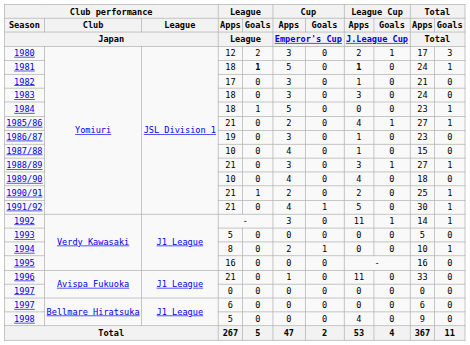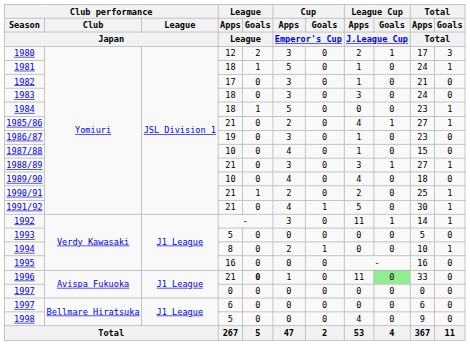 <table class="wikitable" style="text-align:center;">
 <tr>
 <th colspan=3>Club performance</th>
 <th colspan=2>League</th>
 <th colspan=2>Cup</th>
 <th colspan=2>League Cup</th>
 <th colspan=2>Total</th>
 </tr>
 <tr>
 <th>Season</th>
 <th>Club</th>
 <th>League</th>
 <th>Apps</th>
 <th>Goals</th>
 <th>Apps</th>
 <th>Goals</th>
 <th>Apps</th>
 <th>Goals</th>
 <th>Apps</th>
 <th>Goals</th>
 </tr>
 <tr>
 <th colspan=3>Japan</th>
 <th colspan=2>League</th>
 <th colspan=2><a href='#'>Emperor's Cup</a></th>
 <th colspan=2><a href='#'>J.League Cup</a></th>
 <th colspan=2>Total</th>
 </tr>
 <tr>
 <td><a href='#'>1980</a></td>
 <td rowspan="12"><a href='#'>Yomiuri</a></td>
 <td rowspan="12"><a href='#'>JSL Division 1</a></td>
 <td>12</td>
 <td>2</td>
 <td>3</td>
 <td>0</td>
 <td>2</td>
 <td>1</td>
 <td>17</td>
 <td>3</td>
 </tr>
 <tr>
 <td><a href='#'>1981</a></td>
 <td>18</td>
-<td><strong>1</strong></td>
+<td>1</td>
 <td>5</td>
 <td>0</td>
-<td><strong>1</strong></td>
+<td>1</td>
 <td>0</td>
 <td>24</td>
 <td>1</td>
 </tr>
 <tr>
 <td><a href='#'>1982</a></td>
 <td>17</td>
 <td>0</td>
 <td>3</td>
 <td>0</td>
 <td>1</td>
 <td>0</td>
 <td>21</td>
 <td>0</td>
 </tr>
 <tr>
 <td><a href='#'>1983</a></td>
 <td>18</td>
 <td>0</td>
 <td>3</td>
 <td>0</td>
 <td>3</td>
 <td>0</td>
 <td>24</td>
 <td>0</td>
 </tr>
 <tr>
 <td><a href='#'>1984</a></td>
 <td>18</td>
 <td>1</td>
 <td>5</td>
 <td>0</td>
 <td>0</td>
 <td>0</td>
 <td>23</td>
 <td>1</td>
 </tr>
 <tr>
 <td><a href='#'>1985/86</a></td>
 <td>21</td>
 <td>0</td>
 <td>2</td>
 <td>0</td>
 <td>4</td>
 <td>1</td>
 <td>27</td>
 <td>1</td>
 </tr>
 <tr>
 <td><a href='#'>1986/87</a></td>
 <td>19</td>
 <td>0</td>
 <td>3</td>
 <td>0</td>
 <td>1</td>
 <td>0</td>
 <td>23</td>
 <td>0</td>
 </tr>
 <tr>
 <td><a href='#'>1987/88</a></td>
 <td>10</td>
 <td>0</td>
 <td>4</td>
 <td>0</td>
 <td>1</td>
 <td>0</td>
 <td>15</td>
 <td>0</td>
 </tr>
 <tr>
 <td><a href='#'>1988/89</a></td>
 <td>21</td>
 <td>0</td>
 <td>3</td>
 <td>0</td>
 <td>3</td>
 <td>1</td>
 <td>27</td>
 <td>1</td>
 </tr>
 <tr>
 <td><a href='#'>1989/90</a></td>
 <td>10</td>
 <td>0</td>
 <td>4</td>
 <td>0</td>
 <td>4</td>
 <td>0</td>
 <td>18</td>
 <td>0</td>
 </tr>
 <tr>
 <td><a href='#'>1990/91</a></td>
 <td>21</td>
 <td>1</td>
 <td>2</td>
 <td>0</td>
 <td>2</td>
 <td>0</td>
 <td>25</td>
 <td>1</td>
 </tr>
 <tr>
 <td><a href='#'>1991/92</a></td>
 <td>21</td>
 <td>0</td>
 <td>4</td>
 <td>1</td>
 <td>5</td>
 <td>0</td>
 <td>30</td>
 <td>1</td>
 </tr>
 <tr>
 <td><a href='#'>1992</a></td>
 <td rowspan="4"><a href='#'>Verdy Kawasaki</a></td>
 <td rowspan="4"><a href='#'>J1 League</a></td>
 <td colspan="2">-</td>
 <td>3</td>
 <td>0</td>
 <td>11</td>
 <td>1</td>
 <td>14</td>
 <td>1</td>
 </tr>
 <tr>
 <td><a href='#'>1993</a></td>
 <td>5</td>
 <td>0</td>
 <td>0</td>
 <td>0</td>
 <td>0</td>
 <td>0</td>
 <td>5</td>
 <td>0</td>
 </tr>
 <tr>
 <td><a href='#'>1994</a></td>
 <td>8</td>
 <td>0</td>
 <td>2</td>
 <td>1</td>
 <td>0</td>
 <td>0</td>
 <td>10</td>
 <td>1</td>
 </tr>
 <tr>
 <td><a href='#'>1995</a></td>
 <td>16</td>
 <td>0</td>
 <td>0</td>
 <td>0</td>
 <td colspan="2">-</td>
 <td>16</td>
 <td>0</td>
 </tr>
 <tr>
 <td><a href='#'>1996</a></td>
 <td rowspan="2"><a href='#'>Avispa Fukuoka</a></td>
 <td rowspan="2"><a href='#'>J1 League</a></td>
 <td>21</td>
-<td>0</td>
+<td><strong>0</strong></td>
 <td>1</td>
 <td>0</td>
 <td>11</td>
-<td>0</td>
+<td style="background: lightgreen;">0</td>
 <td>33</td>
 <td>0</td>
 </tr>
 <tr>
 <td><a href='#'>1997</a></td>
 <td>0</td>
 <td>0</td>
 <td>0</td>
 <td>0</td>
 <td>0</td>
 <td>0</td>
 <td>0</td>
 <td>0</td>
 </tr>
 <tr>
 <td><a href='#'>1997</a></td>
 <td rowspan="2"><a href='#'>Bellmare Hiratsuka</a></td>
 <td rowspan="2"><a href='#'>J1 League</a></td>
 <td>6</td>
 <td>0</td>
 <td>0</td>
 <td>0</td>
 <td>0</td>
 <td>0</td>
 <td>6</td>
 <td>0</td>
 </tr>
 <tr>
 <td><a href='#'>1998</a></td>
 <td>5</td>
 <td>0</td>
 <td>0</td>
 <td>0</td>
 <td>4</td>
 <td>0</td>
 <td>9</td>
 <td>0</td>
 </tr>
 <tr>
 <th colspan=3>Total</th>
 <th>267</th>
 <th>5</th>
 <th>47</th>
 <th>2</th>
 <th>53</th>
 <th>4</th>
 <th>367</th>
 <th>11</th>
 </tr>
 </table>
